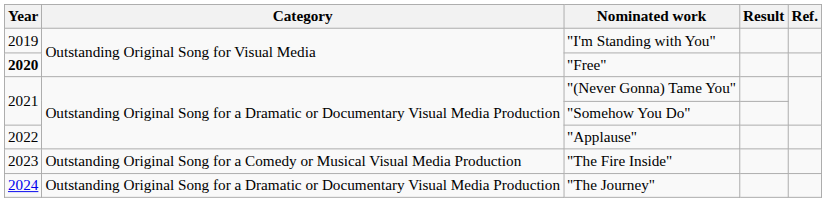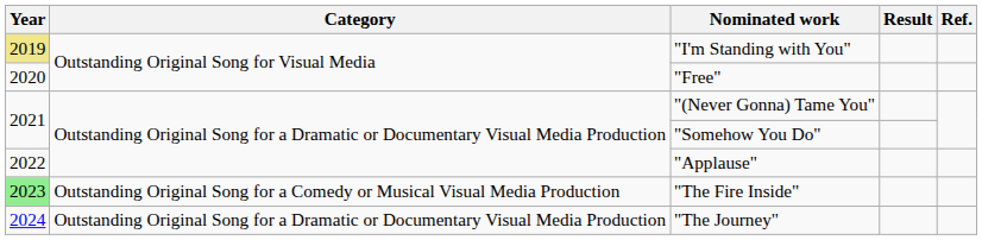 <table class="wikitable">
 <tr>
 <th>Year</th>
 <th>Category</th>
 <th>Nominated work</th>
 <th>Result</th>
 <th>Ref.</th>
 </tr>
 <tr>
-<td>2019</td>
+<td style="background: khaki;">2019</td>
 <td rowspan="2">Outstanding Original Song for Visual Media</td>
 <td>"I'm Standing with You" </td>
 <td></td>
 <td align="center"></td>
 </tr>
 <tr>
-<td><strong>2020</strong></td>
+<td>2020</td>
 <td>"Free" </td>
 <td></td>
 <td align="center"></td>
 </tr>
 <tr>
 <td rowspan="2">2021</td>
 <td rowspan="3">Outstanding Original Song for a Dramatic or Documentary Visual Media Production</td>
 <td>"(Never Gonna) Tame You" </td>
 <td></td>
 <td align="center" rowspan="2"></td>
 </tr>
 <tr>
 <td>"Somehow You Do" </td>
 <td></td>
 </tr>
 <tr>
 <td>2022</td>
 <td>"Applause" </td>
 <td></td>
 <td align="center"></td>
 </tr>
 <tr>
-<td>2023</td>
+<td style="background: lightgreen;">2023</td>
 <td>Outstanding Original Song for a Comedy or Musical Visual Media Production</td>
 <td>"The Fire Inside" </td>
 <td></td>
 <td align="center"></td>
 </tr>
 <tr>
 <td><a href='#'>2024</a></td>
 <td>Outstanding Original Song for a Dramatic or Documentary Visual Media Production</td>
 <td>"The Journey" </td>
 <td></td>
 <td align="center"></td>
 </tr>
 </table>
